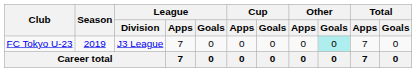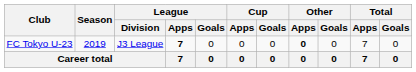 <table class="wikitable" style="text-align:center">
 <tr>
 <th rowspan="2">Club</th>
 <th rowspan="2">Season</th>
 <th colspan="3">League</th>
 <th colspan="2">Cup</th>
 <th colspan="2">Other</th>
 <th colspan="2">Total</th>
 </tr>
 <tr>
 <th>Division</th>
 <th>Apps</th>
 <th>Goals</th>
 <th>Apps</th>
 <th>Goals</th>
 <th>Apps</th>
 <th>Goals</th>
 <th>Apps</th>
 <th>Goals</th>
 </tr>
 <tr>
 <td><a href='#'>FC Tokyo U-23</a></td>
 <td><a href='#'>2019</a></td>
 <td><a href='#'>J3 League</a></td>
-<td>7</td>
+<td><strong>7</strong></td>
 <td>0</td>
 <td>0</td>
 <td>0</td>
+<td><strong>0</strong></td>
 <td>0</td>
-<td style="background: paleturquoise;">0</td>
 <td>7</td>
 <td>0</td>
 </tr>
 <tr>
 <th colspan=3>Career total</th>
 <th>7</th>
 <th>0</th>
 <th>0</th>
 <th>0</th>
 <th>0</th>
 <th>0</th>
 <th>7</th>
 <th>0</th>
 </tr>
 </table>
